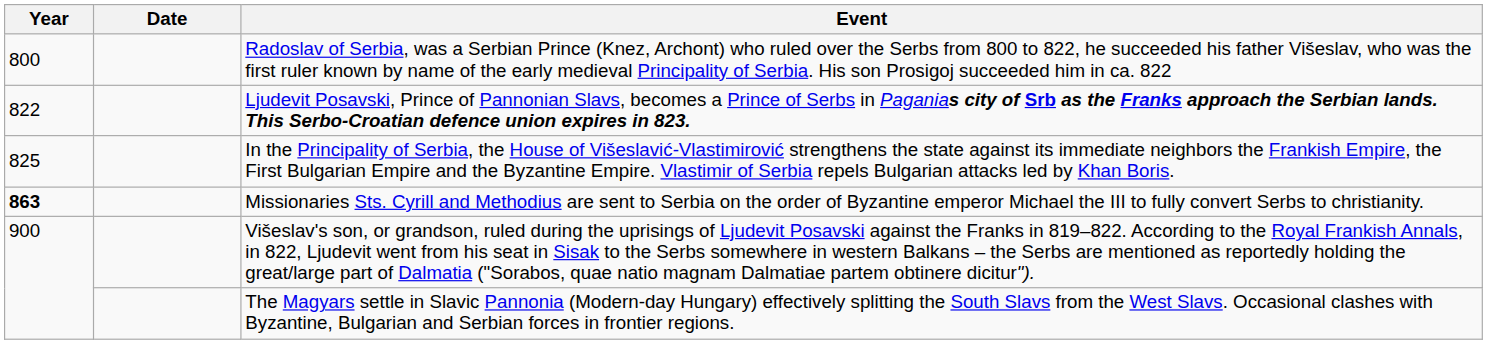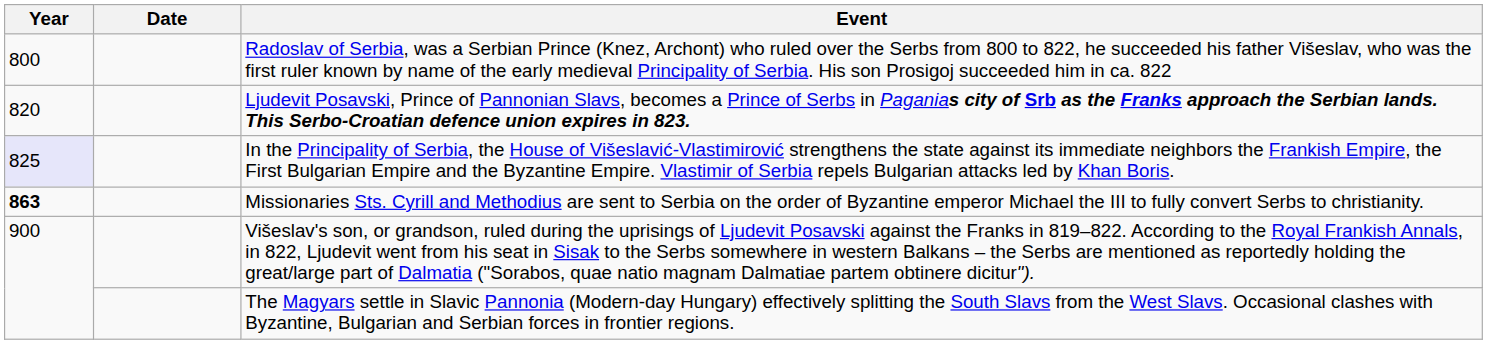 <table class="wikitable" width="100%">
 <tr>
 <th style="width:6%">Year</th>
 <th style="width:10%">Date</th>
 <th>Event</th>
 </tr>
 <tr>
 <td>800</td>
 <td></td>
 <td><a href='#'>Radoslav of Serbia</a>, was a Serbian Prince (Knez, Archont) who ruled over the Serbs from 800 to 822, he succeeded his father Višeslav, who was the first ruler known by name of the early medieval <a href='#'>Principality of Serbia</a>. His son Prosigoj succeeded him in ca. 822</td>
 </tr>
 <tr>
-<td>822</td>
+<td>820</td>
 <td></td>
 <td><a href='#'>Ljudevit Posavski</a>, Prince of <a href='#'>Pannonian Slavs</a>, becomes a <a href='#'>Prince of Serbs</a> in <em><a href='#'>Pagania</a><strong>s city of </em><a href='#'>Srb</a><em> as the <a href='#'>Franks</a> approach the Serbian lands. This Serbo-Croatian defence union expires in 823.</td>
 </tr>
 <tr>
-<td>825</td>
+<td style="background: lavender;">825</td>
 <td></td>
 <td>In the <a href='#'>Principality of Serbia</a>, the <a href='#'>House of Višeslavić-Vlastimirović</a> strengthens the state against its immediate neighbors the <a href='#'>Frankish Empire</a>, the First Bulgarian Empire and the Byzantine Empire. <a href='#'>Vlastimir of Serbia</a> repels Bulgarian attacks led by <a href='#'>Khan Boris</a>.</td>
 </tr>
 <tr>
 <td><strong>863</strong></td>
 <td></td>
 <td>Missionaries <a href='#'>Sts. Cyrill and Methodius</a> are sent to Serbia on the order of Byzantine emperor Michael the III to fully convert Serbs to christianity.</td>
 </tr>
 <tr>
 <td rowspan="2" valign="top">900</td>
 <td></td>
 <td>Višeslav's son, or grandson, ruled during the uprisings of <a href='#'>Ljudevit Posavski</a> against the Franks in 819–822. According to the <a href='#'>Royal Frankish Annals</a>, in 822, Ljudevit went from his seat in <a href='#'>Sisak</a> to the Serbs somewhere in western Balkans – the Serbs are mentioned as reportedly holding the great/large part of <a href='#'>Dalmatia</a> ("</em>Sorabos, quae natio magnam Dalmatiae partem obtinere dicitur<em>").</td>
 </tr>
 <tr>
 <td></td>
 <td>The <a href='#'>Magyars</a> settle in Slavic <a href='#'>Pannonia</a> (Modern-day Hungary) effectively splitting the <a href='#'>South Slavs</a> from the <a href='#'>West Slavs</a>. Occasional clashes with Byzantine, Bulgarian and Serbian forces in frontier regions.</td>
 </tr>
 </table>
